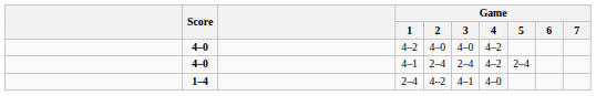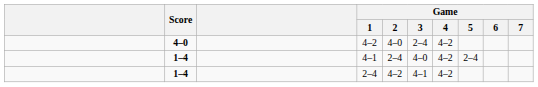 <table class="wikitable" style="text-align: center;">
 <tr>
 <th rowspan=2 align="right" width="270"></th>
 <th rowspan=2 width="45">Score</th>
 <th rowspan=2 align="left" width="270"></th>
 <th colspan=7>Game</th>
 </tr>
 <tr>
 <th width="35">1</th>
 <th width="35">2</th>
 <th width="35">3</th>
 <th width="35">4</th>
 <th width="35">5</th>
 <th width="35">6</th>
 <th width="35">7</th>
 </tr>
 <tr>
 <td align=left><strong></strong></td>
 <td align=center><strong>4–0</strong></td>
 <td align=left></td>
 <td>4–2</td>
 <td>4–0</td>
-<td>4–0</td>
+<td>2–4</td>
 <td>4–2</td>
 <td></td>
 <td></td>
 <td></td>
 </tr>
 <tr>
 <td align=left></td>
-<td align=center><strong>4–0</strong></td>
+<td align=center><strong>1–4</strong></td>
 <td align=left><strong></strong></td>
 <td>4–1</td>
 <td>2–4</td>
-<td>2–4</td>
+<td>4–0</td>
 <td>4–2</td>
 <td>2–4</td>
 <td></td>
 <td></td>
 </tr>
 <tr>
 <td align=left><strong></strong></td>
 <td align=center><strong>1–4</strong></td>
 <td align=left></td>
 <td>2–4</td>
 <td>4–2</td>
 <td>4–1</td>
-<td>4–0</td>
+<td>4–2</td>
 <td></td>
 <td></td>
 <td></td>
 </tr>
 </table>
